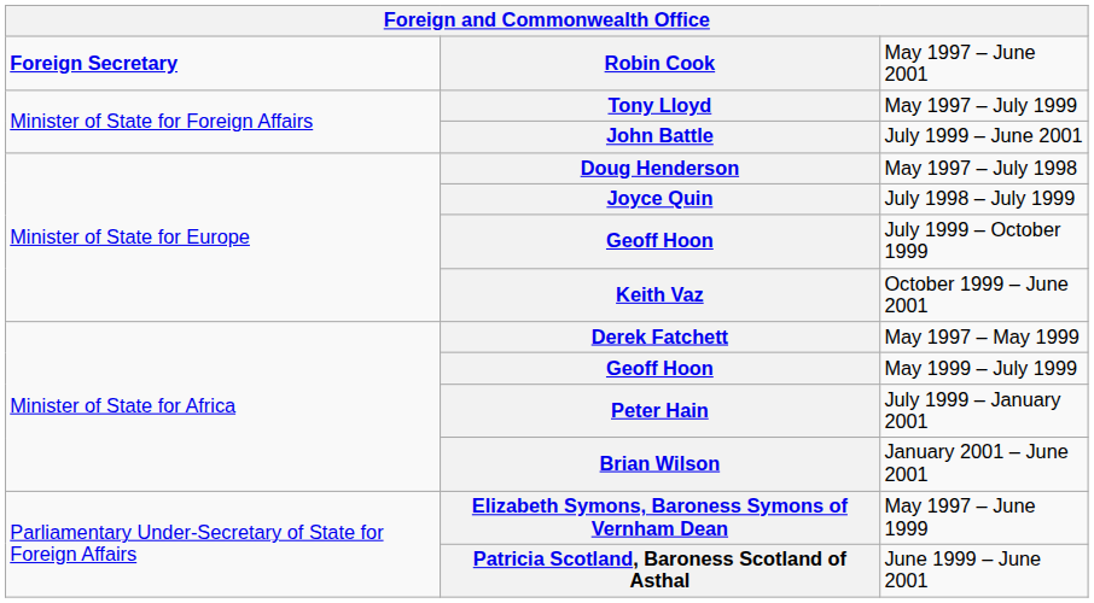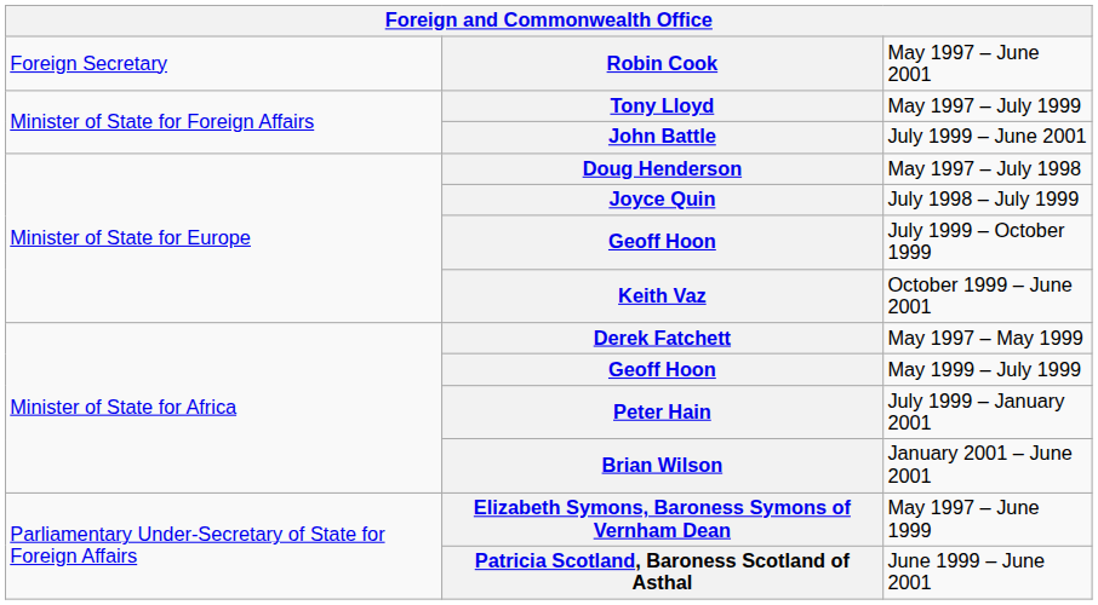 <table class="wikitable plainrowheaders" width=100% style="max-width:55em;">
 <tr>
 <th colspan=4><a href='#'>Foreign and Commonwealth Office</a></th>
 </tr>
 <tr>
-<td><strong><a href='#'>Foreign Secretary</a></strong></td>
+<td><a href='#'>Foreign Secretary</a></td>
 <th scope="row" style="font-weight:bold;"><a href='#'>Robin Cook</a></th>
 <td>May 1997 – June 2001</td>
 </tr>
 <tr>
 <td rowspan="2"><a href='#'>Minister of State for Foreign Affairs</a></td>
 <th scope="row"><a href='#'>Tony Lloyd</a></th>
 <td>May 1997 – July 1999</td>
 </tr>
 <tr>
 <th scope="row"><a href='#'>John Battle</a></th>
 <td>July 1999 – June 2001</td>
 </tr>
 <tr>
 <td rowspan="4"><a href='#'>Minister of State for Europe</a></td>
 <th scope="row"><a href='#'>Doug Henderson</a></th>
 <td>May 1997 – July 1998</td>
 </tr>
 <tr>
 <th scope="row"><a href='#'>Joyce Quin</a></th>
 <td>July 1998 – July 1999</td>
 </tr>
 <tr>
 <th scope="row"><a href='#'>Geoff Hoon</a></th>
 <td>July 1999 – October 1999</td>
 </tr>
 <tr>
 <th scope="row"><a href='#'>Keith Vaz</a></th>
 <td>October 1999 – June 2001</td>
 </tr>
 <tr>
 <td rowspan="4"><a href='#'>Minister of State for Africa</a></td>
 <th scope="row"><a href='#'>Derek Fatchett</a></th>
 <td>May 1997 – May 1999</td>
 </tr>
 <tr>
 <th scope="row"><a href='#'>Geoff Hoon</a></th>
 <td>May 1999 – July 1999</td>
 </tr>
 <tr>
 <th scope="row"><a href='#'>Peter Hain</a></th>
 <td>July 1999 – January 2001</td>
 </tr>
 <tr>
 <th scope="row"><a href='#'>Brian Wilson</a></th>
 <td>January 2001 – June 2001</td>
 </tr>
 <tr>
 <td rowspan="2"><a href='#'>Parliamentary Under-Secretary of State for Foreign Affairs</a></td>
 <th scope="row"><a href='#'>Elizabeth Symons, Baroness Symons of Vernham Dean</a></th>
 <td>May 1997 – June 1999</td>
 </tr>
 <tr>
 <th scope="row"><a href='#'>Patricia Scotland</a>, Baroness Scotland of Asthal</th>
 <td>June 1999 – June 2001</td>
 </tr>
 </table>
